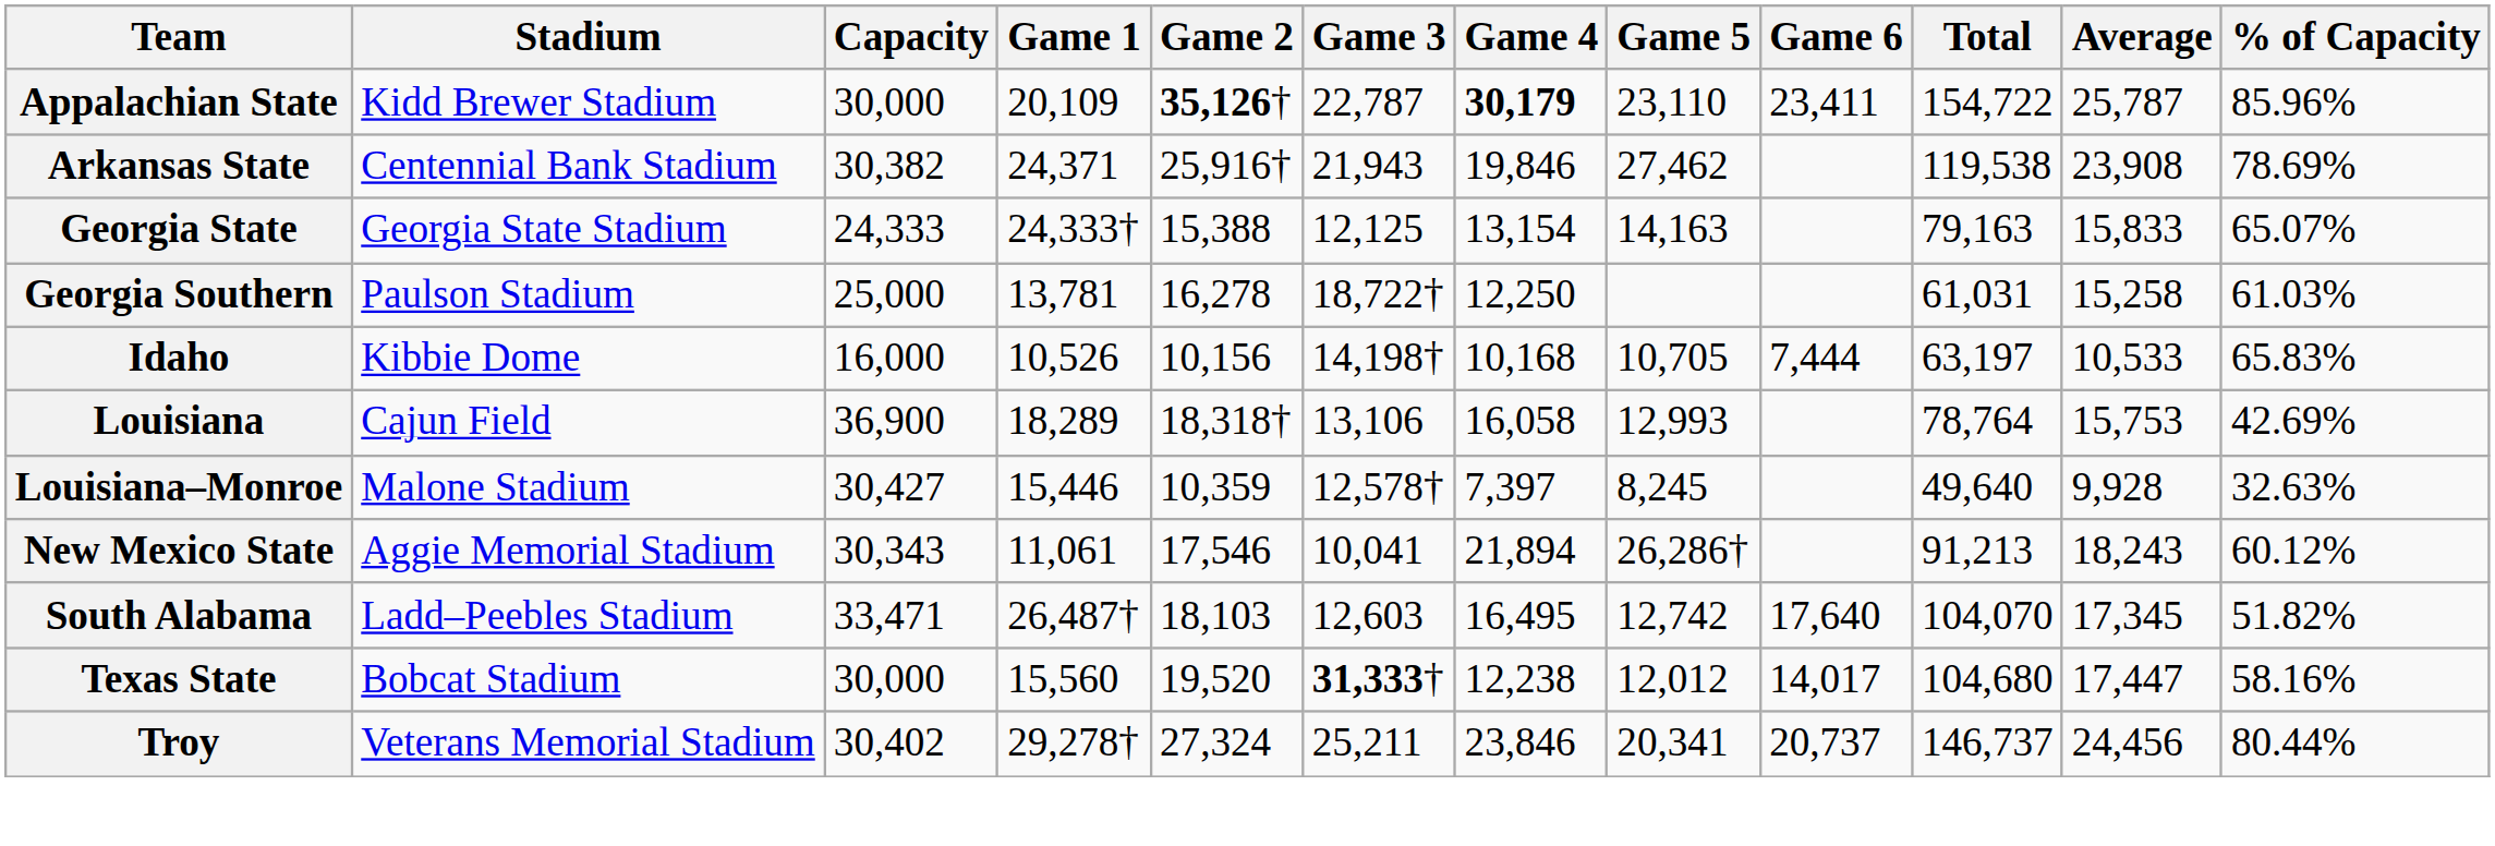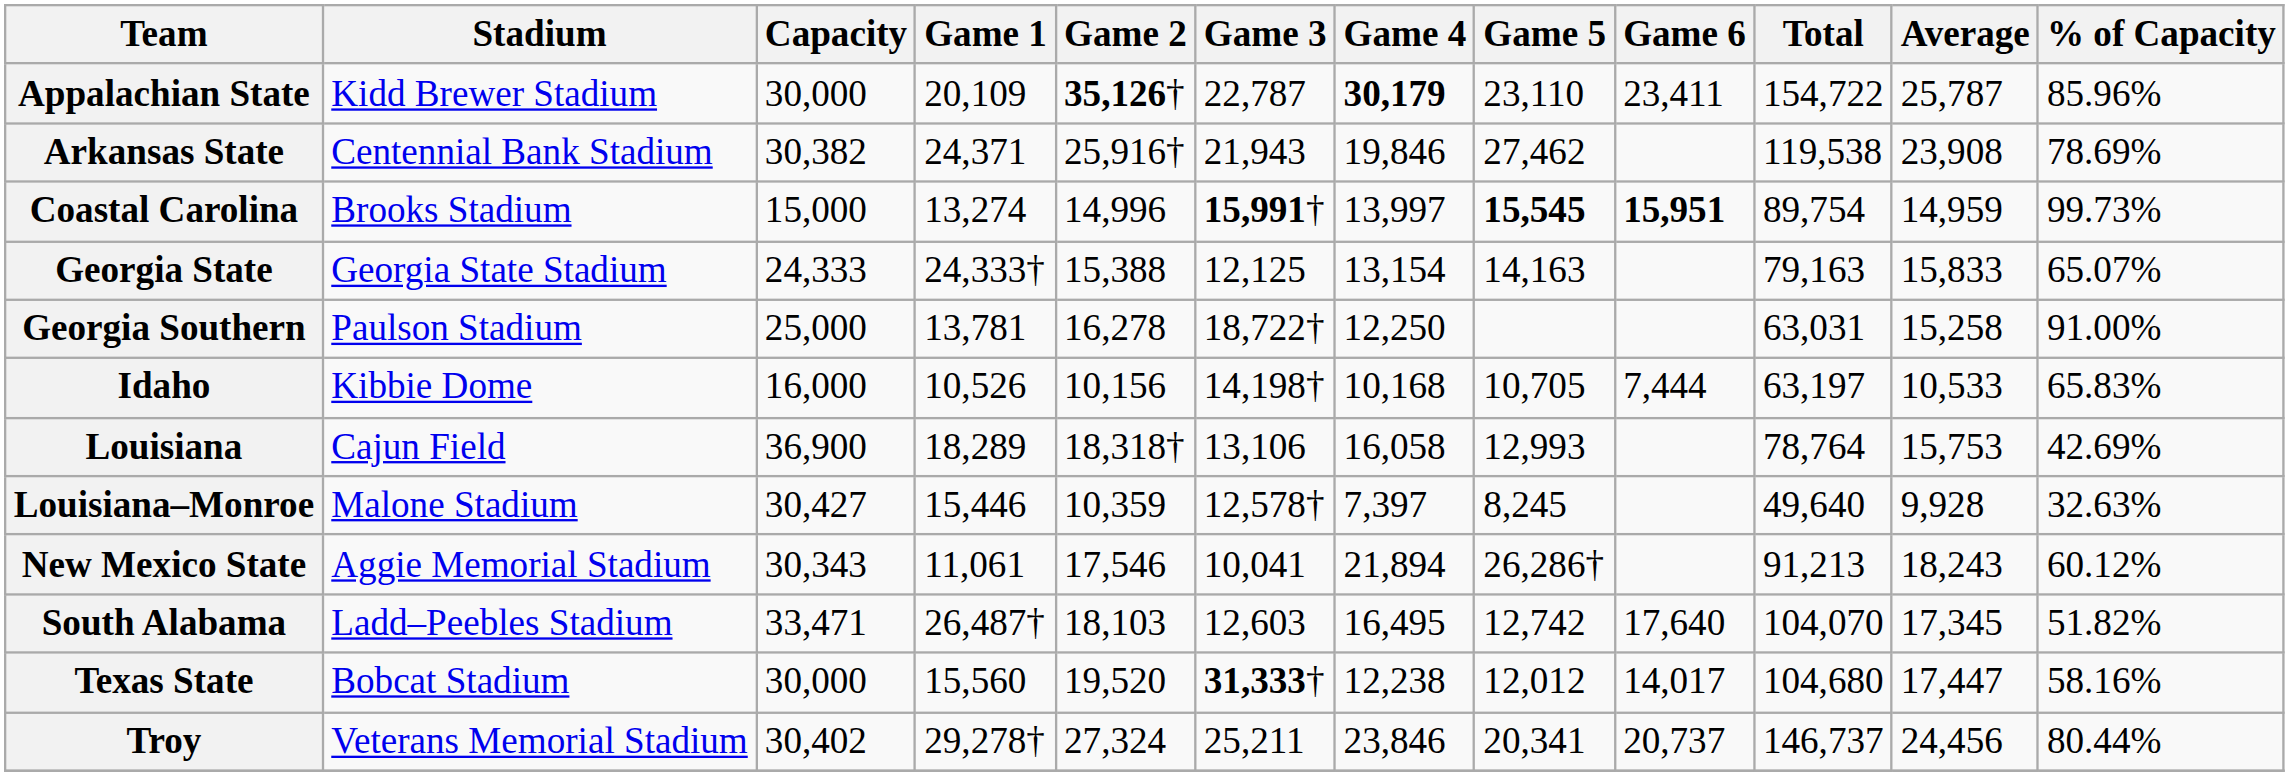 <table class="wikitable sortable">
 <tr>
 <th>Team</th>
 <th>Stadium</th>
 <th>Capacity</th>
 <th>Game 1</th>
 <th>Game 2</th>
 <th>Game 3</th>
 <th>Game 4</th>
 <th>Game 5</th>
 <th>Game 6</th>
 <th>Total</th>
 <th>Average</th>
 <th>% of Capacity</th>
 </tr>
 <tr>
 <th>Appalachian State</th>
 <td><a href='#'>Kidd Brewer Stadium</a></td>
 <td>30,000</td>
 <td>20,109</td>
 <td><strong>35,126</strong>†</td>
 <td>22,787</td>
 <td><strong>30,179</strong></td>
 <td>23,110</td>
 <td>23,411</td>
 <td>154,722</td>
 <td>25,787</td>
 <td>85.96%</td>
 </tr>
 <tr>
 <th>Arkansas State</th>
 <td><a href='#'>Centennial Bank Stadium</a></td>
 <td>30,382</td>
 <td>24,371</td>
 <td>25,916†</td>
 <td>21,943</td>
 <td>19,846</td>
 <td>27,462</td>
 <td></td>
 <td>119,538</td>
 <td>23,908</td>
 <td>78.69%</td>
 </tr>
 <tr>
+<th>Coastal Carolina</th>
+<td><a href='#'>Brooks Stadium</a></td>
+<td>15,000</td>
+<td>13,274</td>
+<td>14,996</td>
+<td><strong>15,991</strong>†</td>
+<td>13,997</td>
+<td><strong>15,545</strong></td>
+<td><strong>15,951</strong></td>
+<td>89,754</td>
+<td>14,959</td>
+<td>99.73%</td>
+</tr>
+<tr>
 <th>Georgia State</th>
 <td><a href='#'>Georgia State Stadium</a></td>
 <td>24,333</td>
 <td>24,333†</td>
 <td>15,388</td>
 <td>12,125</td>
 <td>13,154</td>
 <td>14,163</td>
 <td></td>
 <td>79,163</td>
 <td>15,833</td>
 <td>65.07%</td>
 </tr>
 <tr>
 <th>Georgia Southern</th>
 <td><a href='#'>Paulson Stadium</a></td>
 <td>25,000</td>
 <td>13,781</td>
 <td>16,278</td>
 <td>18,722†</td>
 <td>12,250</td>
 <td></td>
 <td></td>
-<td>61,031</td>
+<td>63,031</td>
 <td>15,258</td>
-<td>61.03%</td>
+<td>91.00%</td>
 </tr>
 <tr>
 <th>Idaho</th>
 <td><a href='#'>Kibbie Dome</a></td>
 <td>16,000</td>
 <td>10,526</td>
 <td>10,156</td>
 <td>14,198†</td>
 <td>10,168</td>
 <td>10,705</td>
 <td>7,444</td>
 <td>63,197</td>
 <td>10,533</td>
 <td>65.83%</td>
 </tr>
 <tr>
 <th>Louisiana</th>
 <td><a href='#'>Cajun Field</a></td>
 <td>36,900</td>
 <td>18,289</td>
 <td>18,318†</td>
 <td>13,106</td>
 <td>16,058</td>
 <td>12,993</td>
 <td></td>
 <td>78,764</td>
 <td>15,753</td>
 <td>42.69%</td>
 </tr>
 <tr>
 <th>Louisiana–Monroe</th>
 <td><a href='#'>Malone Stadium</a></td>
 <td>30,427</td>
 <td>15,446</td>
 <td>10,359</td>
 <td>12,578†</td>
 <td>7,397</td>
 <td>8,245</td>
 <td></td>
 <td>49,640</td>
 <td>9,928</td>
 <td>32.63%</td>
 </tr>
 <tr>
 <th>New Mexico State</th>
 <td><a href='#'>Aggie Memorial Stadium</a></td>
 <td>30,343</td>
 <td>11,061</td>
 <td>17,546</td>
 <td>10,041</td>
 <td>21,894</td>
 <td>26,286†</td>
 <td></td>
 <td>91,213</td>
 <td>18,243</td>
 <td>60.12%</td>
 </tr>
 <tr>
 <th>South Alabama</th>
 <td><a href='#'>Ladd–Peebles Stadium</a></td>
 <td>33,471</td>
 <td>26,487†</td>
 <td>18,103</td>
 <td>12,603</td>
 <td>16,495</td>
 <td>12,742</td>
 <td>17,640</td>
 <td>104,070</td>
 <td>17,345</td>
 <td>51.82%</td>
 </tr>
 <tr>
 <th>Texas State</th>
 <td><a href='#'>Bobcat Stadium</a></td>
 <td>30,000</td>
 <td>15,560</td>
 <td>19,520</td>
 <td><strong>31,333</strong>†</td>
 <td>12,238</td>
 <td>12,012</td>
 <td>14,017</td>
 <td>104,680</td>
 <td>17,447</td>
 <td>58.16%</td>
 </tr>
 <tr>
 <th>Troy</th>
 <td><a href='#'>Veterans Memorial Stadium</a></td>
 <td>30,402</td>
 <td>29,278†</td>
 <td>27,324</td>
 <td>25,211</td>
 <td>23,846</td>
 <td>20,341</td>
 <td>20,737</td>
 <td>146,737</td>
 <td>24,456</td>
 <td>80.44%</td>
 </tr>
 <tr>
 </tr>
 </table>
